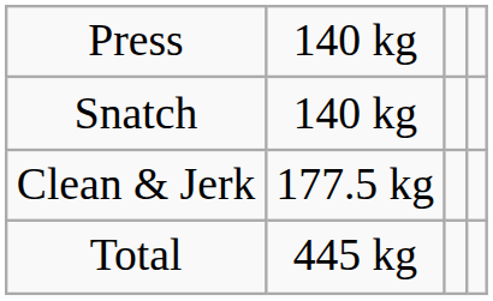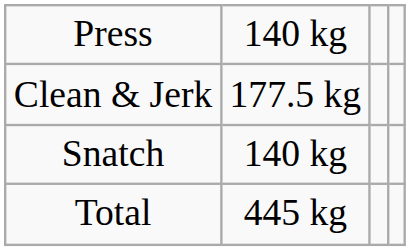 <table class = "wikitable" style="text-align:center;">
 <tr>
 <td>Press</td>
-<td>140 kg</td>
-<td align=left></td>
-<td></td>
-</tr>
-<tr>
-<td>Snatch</td>
 <td>140 kg</td>
 <td align=left></td>
 <td></td>
 </tr>
 <tr>
 <td>Clean & Jerk</td>
 <td>177.5 kg</td>
 <td align=left></td>
 <td></td>
 </tr>
 <tr>
+<td>Snatch</td>
+<td>140 kg</td>
+<td align=left></td>
+<td></td>
+</tr>
+<tr>
 <td>Total</td>
 <td>445 kg</td>
 <td align=left></td>
 <td></td>
 </tr>
 </table>
